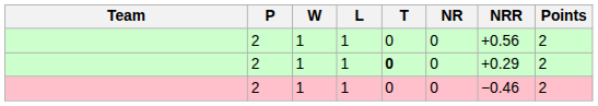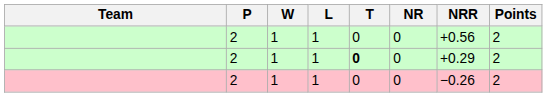 <table class="wikitable">
 <tr>
 <th width=38%>Team</th>
 <th width=7%>P</th>
 <th width=7%>W</th>
 <th width=7%>L</th>
 <th width=7%>T</th>
 <th width=8%>NR</th>
 <th width=9%>NRR</th>
 <th width=9%>Points</th>
 </tr>
 <tr bgcolor=ccffcc>
 <td align=left></td>
 <td>2</td>
 <td>1</td>
 <td>1</td>
 <td>0</td>
 <td>0</td>
 <td>+0.56</td>
 <td>2</td>
 </tr>
 <tr bgcolor=ccffcc>
 <td align=left></td>
 <td>2</td>
 <td>1</td>
 <td>1</td>
 <td><strong>0</strong></td>
 <td>0</td>
 <td>+0.29</td>
 <td>2</td>
 </tr>
 <tr bgcolor=pink>
 <td align=left></td>
 <td>2</td>
 <td>1</td>
 <td>1</td>
 <td>0</td>
 <td>0</td>
-<td>−0.46</td>
+<td>−0.26</td>
 <td>2</td>
 </tr>
 </table>
